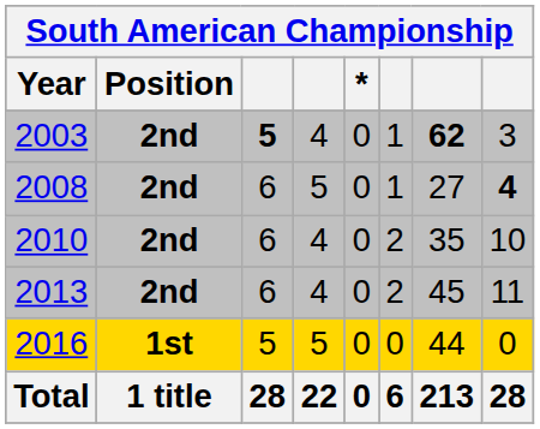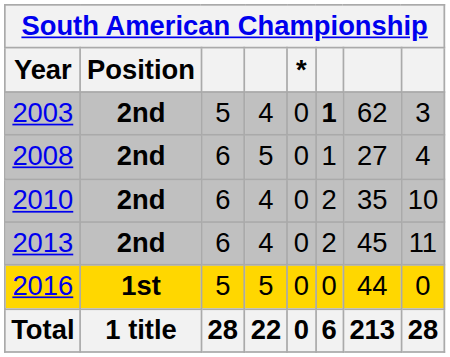 <table class="wikitable" style="text-align: center;">
 <tr>
 <th colspan=9><a href='#'>South American Championship</a></th>
 </tr>
 <tr>
 <th>Year</th>
 <th>Position</th>
 <th></th>
 <th></th>
 <th>*</th>
 <th></th>
 <th></th>
 <th></th>
 </tr>
 <tr bgcolor=silver>
 <td> <a href='#'>2003</a></td>
 <td><strong>2nd</strong></td>
-<td><strong>5</strong></td>
+<td>5</td>
 <td>4</td>
 <td>0</td>
-<td>1</td>
-<td><strong>62</strong></td>
+<td><strong>1</strong></td>
+<td>62</td>
 <td>3</td>
 </tr>
 <tr bgcolor=silver>
 <td> <a href='#'>2008</a></td>
 <td><strong>2nd</strong></td>
 <td>6</td>
 <td>5</td>
 <td>0</td>
 <td>1</td>
 <td>27</td>
-<td><strong>4</strong></td>
+<td>4</td>
 </tr>
 <tr bgcolor=silver>
 <td> <a href='#'>2010</a></td>
 <td><strong>2nd</strong></td>
 <td>6</td>
 <td>4</td>
 <td>0</td>
 <td>2</td>
 <td>35</td>
 <td>10</td>
 </tr>
 <tr bgcolor=silver>
 <td> <a href='#'>2013</a></td>
 <td><strong>2nd</strong></td>
 <td>6</td>
 <td>4</td>
 <td>0</td>
 <td>2</td>
 <td>45</td>
 <td>11</td>
 </tr>
 <tr bgcolor=gold>
 <td> <a href='#'>2016</a></td>
 <td><strong>1st</strong></td>
 <td>5</td>
 <td>5</td>
 <td>0</td>
 <td>0</td>
 <td>44</td>
 <td>0</td>
 </tr>
 <tr>
 <th>Total</th>
 <th>1 title</th>
 <th>28</th>
 <th>22</th>
 <th>0</th>
 <th>6</th>
 <th>213</th>
 <th>28</th>
 </tr>
 </table>
